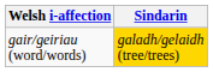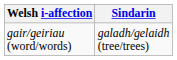 <table class="wikitable floatright">
 <tr>
 <th>Welsh <a href='#'>i-affection</a></th>
 <th><a href='#'>Sindarin</a></th>
 </tr>
 <tr>
 <td><em>gair/geiriau</em><br>(word/words)</td>
-<td style="background: gold;"><em>galadh/gelaidh</em><br>(tree/trees)</td>
+<td><em>galadh/gelaidh</em><br>(tree/trees)</td>
 </tr>
 </table>
